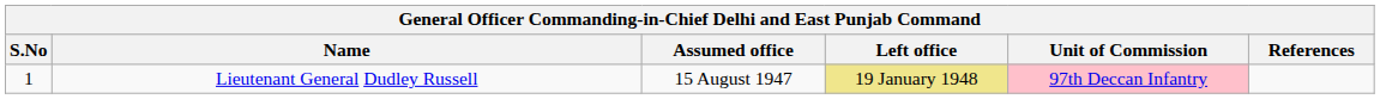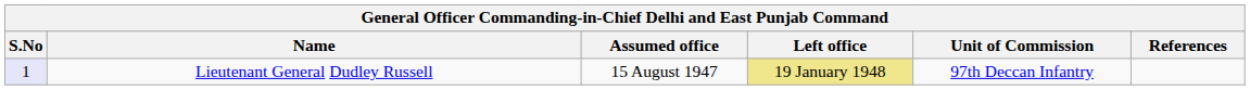 <table class="wikitable sortable" style="text-align:center">
 <tr>
 <th colspan="6"><strong>General Officer Commanding-in-Chief Delhi and East Punjab Command</strong></th>
 </tr>
 <tr style="background:#cccccc">
 <th scope="col" style="width: 20px;">S.No</th>
 <th scope="col" style="width: 500px;">Name</th>
 <th scope="col" style="width: 150px;">Assumed office</th>
 <th scope="col" style="width: 150px;">Left office</th>
 <th scope="col" style="width: 200px;">Unit of Commission</th>
 <th scope="col" style="width: 100px;">References</th>
 </tr>
 <tr>
-<td>1</td>
+<td style="background: lavender;">1</td>
 <td><a href='#'>Lieutenant General</a> <a href='#'>Dudley Russell</a> </td>
 <td>15 August 1947</td>
 <td style="background: khaki;">19 January 1948</td>
-<td style="background: pink;"><a href='#'>97th Deccan Infantry</a></td>
+<td><a href='#'>97th Deccan Infantry</a></td>
 <td></td>
 </tr>
 </table>
